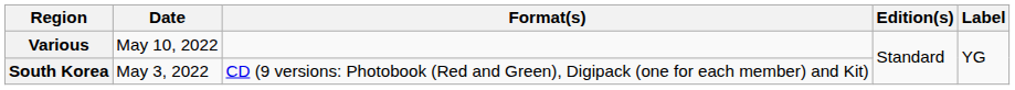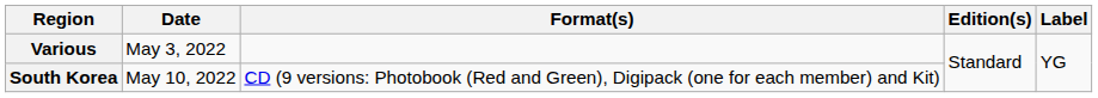 <table class="wikitable plainrowheaders">
 <tr>
 <th scope="col">Region</th>
 <th scope="col">Date</th>
 <th scope="col">Format(s)</th>
 <th scope="col">Edition(s)</th>
 <th scope="col">Label</th>
 </tr>
 <tr>
 <th scope="row">Various</th>
-<td rowspan="1">May 10, 2022</td>
+<td rowspan="1">May 3, 2022</td>
 <td></td>
 <td rowspan="2">Standard</td>
 <td rowspan="2">YG</td>
 </tr>
 <tr>
 <th scope="row">South Korea</th>
-<td rowspan="1">May 3, 2022</td>
+<td rowspan="1">May 10, 2022</td>
 <td><a href='#'>CD</a> (9 versions: Photobook (Red and Green), Digipack (one for each member) and Kit)</td>
 </tr>
 </table>
